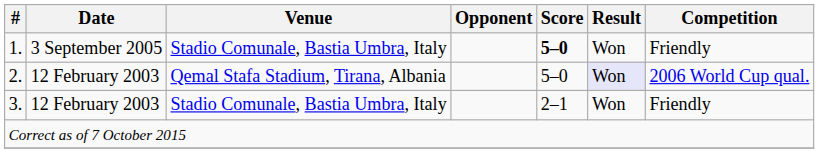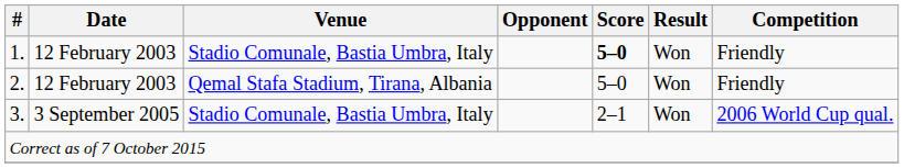 <table class="wikitable">
 <tr>
 <th>#</th>
 <th>Date</th>
 <th>Venue</th>
 <th>Opponent</th>
 <th>Score</th>
 <th>Result</th>
 <th>Competition</th>
 </tr>
 <tr>
 <td>1.</td>
-<td>3 September 2005</td>
+<td>12 February 2003</td>
 <td><a href='#'>Stadio Comunale</a>, <a href='#'>Bastia Umbra</a>, Italy</td>
 <td></td>
 <td><strong>5–0</strong></td>
 <td>Won</td>
 <td>Friendly</td>
 </tr>
 <tr>
 <td>2.</td>
 <td>12 February 2003</td>
 <td><a href='#'>Qemal Stafa Stadium</a>, <a href='#'>Tirana</a>, Albania</td>
 <td></td>
 <td>5–0</td>
-<td style="background: lavender;">Won</td>
-<td><a href='#'>2006 World Cup qual.</a></td>
+<td>Won</td>
+<td>Friendly</td>
 </tr>
 <tr>
 <td>3.</td>
-<td>12 February 2003</td>
+<td>3 September 2005</td>
 <td><a href='#'>Stadio Comunale</a>, <a href='#'>Bastia Umbra</a>, Italy</td>
 <td></td>
 <td>2–1</td>
 <td>Won</td>
-<td>Friendly</td>
+<td><a href='#'>2006 World Cup qual.</a></td>
 </tr>
 <tr>
 <td colspan="12"><small><em>Correct as of 7 October 2015</em></small></td>
 </tr>
 <tr>
 </tr>
 </table>
